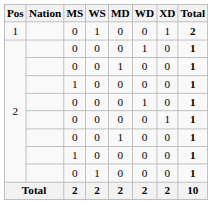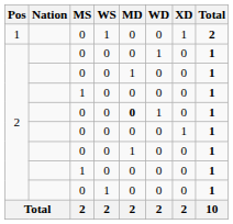 <table class="wikitable" style="text-align:center">
 <tr>
 <th>Pos</th>
 <th>Nation</th>
 <th>MS</th>
 <th>WS</th>
 <th>MD</th>
 <th>WD</th>
 <th>XD</th>
 <th>Total</th>
 </tr>
 <tr>
 <td>1</td>
 <td align="left"></td>
 <td>0</td>
 <td>1</td>
 <td>0</td>
 <td>0</td>
 <td>1</td>
 <td><strong>2</strong></td>
 </tr>
 <tr>
 <td rowspan="8">2</td>
 <td align="left"></td>
 <td>0</td>
 <td>0</td>
 <td>0</td>
 <td>1</td>
 <td>0</td>
 <td><strong>1</strong></td>
 </tr>
 <tr>
 <td align="left"></td>
 <td>0</td>
 <td>0</td>
 <td>1</td>
 <td>0</td>
 <td>0</td>
 <td><strong>1</strong></td>
 </tr>
 <tr>
 <td align="left"></td>
 <td>1</td>
 <td>0</td>
 <td>0</td>
 <td>0</td>
 <td>0</td>
 <td><strong>1</strong></td>
 </tr>
 <tr>
 <td align=left></td>
 <td>0</td>
 <td>0</td>
-<td>0</td>
+<td><strong>0</strong></td>
 <td>1</td>
 <td>0</td>
 <td><strong>1</strong></td>
 </tr>
 <tr>
 <td align=left></td>
 <td>0</td>
 <td>0</td>
 <td>0</td>
 <td>0</td>
 <td>1</td>
 <td><strong>1</strong></td>
 </tr>
 <tr>
 <td align=left></td>
 <td>0</td>
 <td>0</td>
 <td>1</td>
 <td>0</td>
 <td>0</td>
 <td><strong>1</strong></td>
 </tr>
 <tr>
 <td align=left></td>
 <td>1</td>
 <td>0</td>
 <td>0</td>
 <td>0</td>
 <td>0</td>
 <td><strong>1</strong></td>
 </tr>
 <tr>
 <td align=left></td>
 <td>0</td>
 <td>1</td>
 <td>0</td>
 <td>0</td>
 <td>0</td>
 <td><strong>1</strong></td>
 </tr>
 <tr>
 <th colspan="2">Total</th>
 <th>2</th>
 <th>2</th>
 <th>2</th>
 <th>2</th>
 <th>2</th>
 <th>10</th>
 </tr>
 </table>
